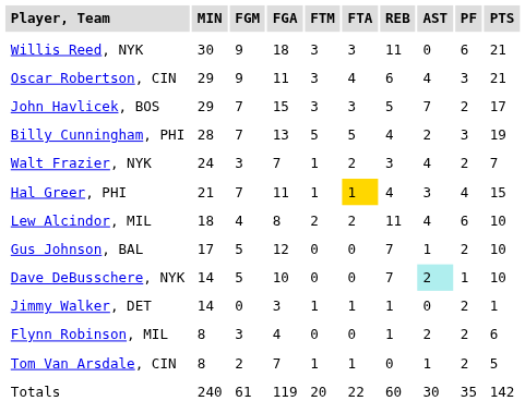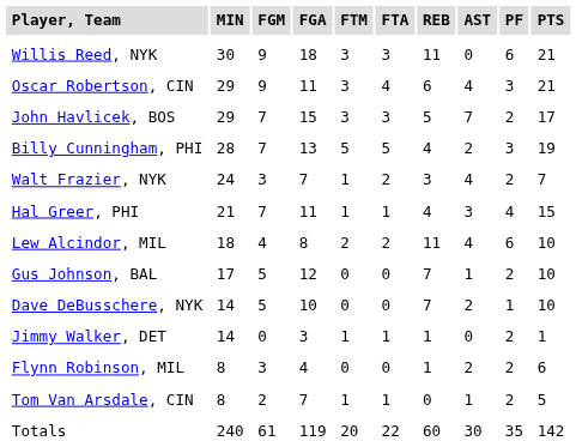 <table cellpadding=5>
 <tr bgcolor="#dddddd">
 <td><strong>Player, Team</strong></td>
 <td><strong>MIN</strong></td>
 <td><strong>FGM</strong></td>
 <td><strong>FGA</strong></td>
 <td><strong>FTM</strong></td>
 <td><strong>FTA</strong></td>
 <td><strong>REB</strong></td>
 <td><strong>AST</strong></td>
 <td><strong>PF</strong></td>
 <td><strong>PTS</strong></td>
 </tr>
 <tr bgcolor="#eeeeee">
 </tr>
 <tr>
 <td><a href='#'>Willis Reed</a>, NYK</td>
 <td>30</td>
 <td>9</td>
 <td>18</td>
 <td>3</td>
 <td>3</td>
 <td>11</td>
 <td>0</td>
 <td>6</td>
 <td>21</td>
 </tr>
 <tr>
 <td><a href='#'>Oscar Robertson</a>, CIN</td>
 <td>29</td>
 <td>9</td>
 <td>11</td>
 <td>3</td>
 <td>4</td>
 <td>6</td>
 <td>4</td>
 <td>3</td>
 <td>21</td>
 </tr>
 <tr>
 <td><a href='#'>John Havlicek</a>, BOS</td>
 <td>29</td>
 <td>7</td>
 <td>15</td>
 <td>3</td>
 <td>3</td>
 <td>5</td>
 <td>7</td>
 <td>2</td>
 <td>17</td>
 </tr>
 <tr>
 <td><a href='#'>Billy Cunningham</a>, PHI</td>
 <td>28</td>
 <td>7</td>
 <td>13</td>
 <td>5</td>
 <td>5</td>
 <td>4</td>
 <td>2</td>
 <td>3</td>
 <td>19</td>
 </tr>
 <tr>
 <td><a href='#'>Walt Frazier</a>, NYK</td>
 <td>24</td>
 <td>3</td>
 <td>7</td>
 <td>1</td>
 <td>2</td>
 <td>3</td>
 <td>4</td>
 <td>2</td>
 <td>7</td>
 </tr>
 <tr>
 <td><a href='#'>Hal Greer</a>, PHI</td>
 <td>21</td>
 <td>7</td>
 <td>11</td>
 <td>1</td>
-<td style="background: gold;">1</td>
+<td>1</td>
 <td>4</td>
 <td>3</td>
 <td>4</td>
 <td>15</td>
 </tr>
 <tr>
 <td><a href='#'>Lew Alcindor</a>, MIL</td>
 <td>18</td>
 <td>4</td>
 <td>8</td>
 <td>2</td>
 <td>2</td>
 <td>11</td>
 <td>4</td>
 <td>6</td>
 <td>10</td>
 </tr>
 <tr>
 <td><a href='#'>Gus Johnson</a>, BAL</td>
 <td>17</td>
 <td>5</td>
 <td>12</td>
 <td>0</td>
 <td>0</td>
 <td>7</td>
 <td>1</td>
 <td>2</td>
 <td>10</td>
 </tr>
 <tr>
 <td><a href='#'>Dave DeBusschere</a>, NYK</td>
 <td>14</td>
 <td>5</td>
 <td>10</td>
 <td>0</td>
 <td>0</td>
 <td>7</td>
-<td style="background: paleturquoise;">2</td>
+<td>2</td>
 <td>1</td>
 <td>10</td>
 </tr>
 <tr>
 <td><a href='#'>Jimmy Walker</a>, DET</td>
 <td>14</td>
 <td>0</td>
 <td>3</td>
 <td>1</td>
 <td>1</td>
 <td>1</td>
 <td>0</td>
 <td>2</td>
 <td>1</td>
 </tr>
 <tr>
 <td><a href='#'>Flynn Robinson</a>, MIL</td>
 <td>8</td>
 <td>3</td>
 <td>4</td>
 <td>0</td>
 <td>0</td>
 <td>1</td>
 <td>2</td>
 <td>2</td>
 <td>6</td>
 </tr>
 <tr>
 <td><a href='#'>Tom Van Arsdale</a>, CIN</td>
 <td>8</td>
 <td>2</td>
 <td>7</td>
 <td>1</td>
 <td>1</td>
 <td>0</td>
 <td>1</td>
 <td>2</td>
 <td>5</td>
 </tr>
 <tr>
 <td>Totals</td>
 <td>240</td>
 <td>61</td>
 <td>119</td>
 <td>20</td>
 <td>22</td>
 <td>60</td>
 <td>30</td>
 <td>35</td>
 <td>142</td>
 </tr>
 <tr>
 </tr>
 </table>
